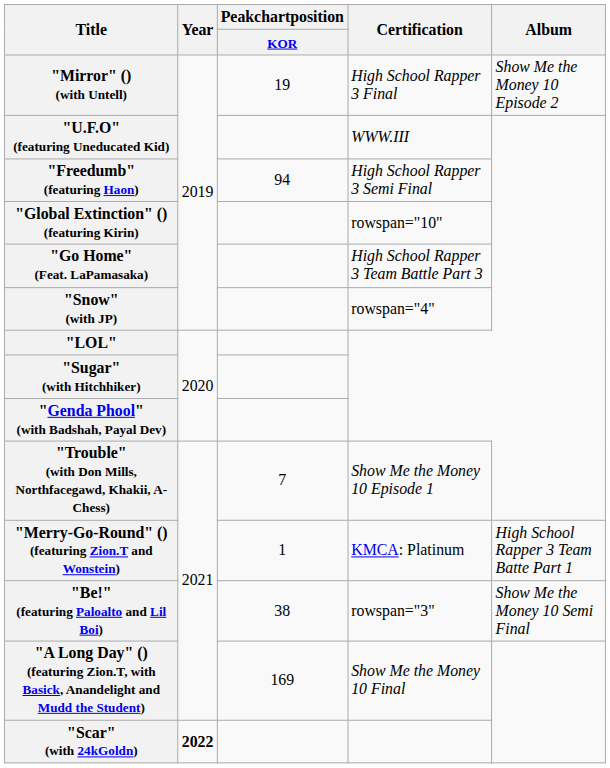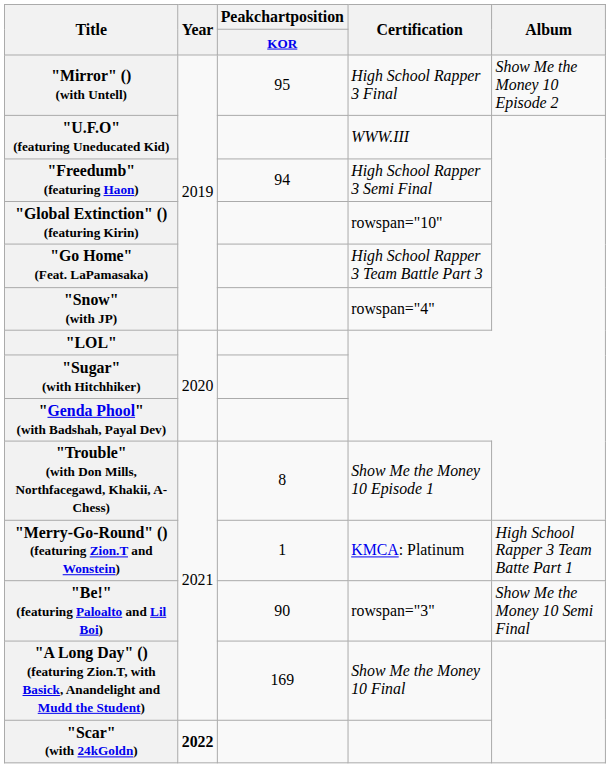 <table class="wikitable plainrowheaders">
 <tr>
 <th rowspan="2">Title</th>
 <th rowspan="2">Year</th>
 <th>Peakchartposition</th>
 <th rowspan="2">Certification</th>
 <th rowspan="2">Album</th>
 </tr>
 <tr>
 <th><small><a href='#'>KOR</a></small></th>
 </tr>
 <tr>
 <th scope="row">"Mirror" ()<br><small>(with Untell)</small></th>
 <td rowspan="6">2019</td>
-<td align="center">19</td>
+<td align="center">95</td>
 <td><em>High School Rapper 3 Final</em></td>
 <td><em>Show Me the Money 10 Episode 2</em></td>
 </tr>
 <tr>
 <th scope="row">"U.F.O"<br><small>(featuring Uneducated Kid)</small></th>
 <td></td>
 <td><em>WWW.III</em></td>
 </tr>
 <tr>
 <th scope="row">"Freedumb"<br><small>(featuring <a href='#'>Haon</a>)</small></th>
 <td align="center">94</td>
 <td><em>High School Rapper 3 Semi Final</em></td>
 </tr>
 <tr>
 <th scope="row">"Global Extinction" ()<br><small>(featuring Kirin)</small></th>
 <td></td>
 <td>rowspan="10" </td>
 </tr>
 <tr>
 <th scope="row">"Go Home"<br><small>(Feat. LaPamasaka)</small></th>
 <td></td>
 <td><em>High School Rapper 3 Team Battle Part 3</em></td>
 </tr>
 <tr>
 <th scope="row">"Snow"<br><small>(with JP)</small></th>
 <td></td>
 <td>rowspan="4" </td>
 </tr>
 <tr>
 <th scope="row">"LOL"</th>
 <td rowspan="3">2020</td>
 <td></td>
 </tr>
 <tr>
 <th scope="row">"Sugar"<br><small>(with Hitchhiker)</small></th>
 <td></td>
 </tr>
 <tr>
 <th scope="row">"<a href='#'>Genda Phool</a>"<br><small>(with Badshah, Payal Dev)</small></th>
 <td></td>
 </tr>
 <tr>
 <th scope="row">"Trouble"<br><small>(with Don Mills, Northfacegawd, Khakii, A-Chess)</small></th>
 <td rowspan="4">2021</td>
-<td align="center">7</td>
+<td align="center">8</td>
 <td><em>Show Me the Money 10 Episode 1</em></td>
 </tr>
 <tr>
 <th scope="row">"Merry-Go-Round" ()<br><small>(featuring <a href='#'>Zion.T</a> and <a href='#'>Wonstein</a>)</small></th>
 <td align="center">1</td>
 <td><a href='#'>KMCA</a>: Platinum</td>
 <td><em>High School Rapper 3 Team Batte Part 1</em></td>
 </tr>
 <tr>
 <th scope="row">"Be!"<br><small>(featuring <a href='#'>Paloalto</a> and <a href='#'>Lil Boi</a>)</small></th>
-<td align="center">38</td>
+<td align="center">90</td>
 <td>rowspan="3" </td>
 <td><em>Show Me the Money 10 Semi Final</em></td>
 </tr>
 <tr>
 <th scope="row">"A Long Day" ()<br><small>(featuring Zion.T, with <a href='#'>Basick</a>, Anandelight and <a href='#'>Mudd the Student</a>)</small></th>
 <td align="center">169</td>
 <td><em>Show Me the Money 10 Final</em></td>
 </tr>
 <tr>
 <th scope="row">"Scar"<br><small>(with <a href='#'>24kGoldn</a>)</small></th>
 <td><strong>2022</strong></td>
 <td></td>
 <td></td>
 </tr>
 </table>
